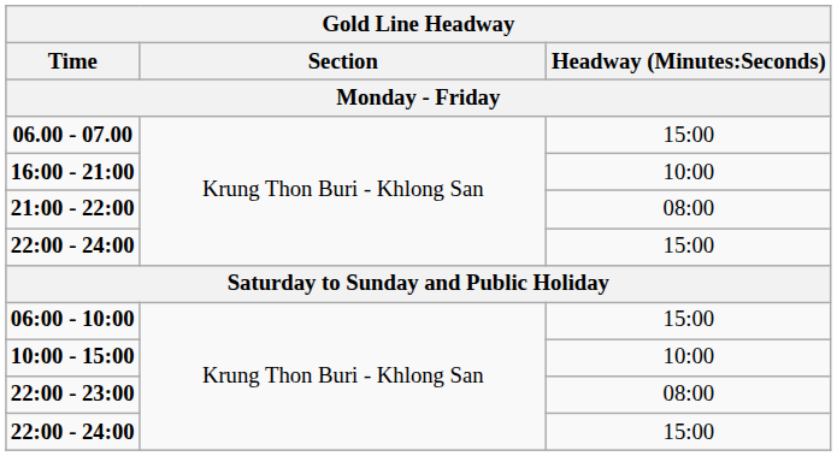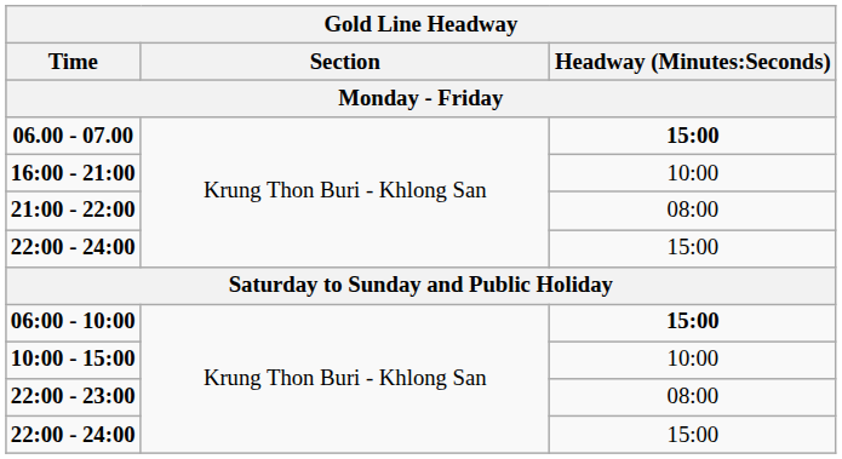 <table class="wikitable" style="margin:auto;font-align:center;text-align:center;font-size:80%;">
 <tr>
 <th colspan="3" align="center" style="background:#">Gold Line Headway</th>
 </tr>
 <tr>
 <th style="background:#">Time</th>
 <th width="225px;" style="background:#">Section</th>
 <th style="background:#">Headway (Minutes:Seconds)</th>
 </tr>
 <tr>
 <th colspan="3">Monday - Friday</th>
 </tr>
 <tr>
 <td><strong>06.00 - 07.00</strong></td>
 <td rowspan="4"> Krung Thon Buri -  Khlong San</td>
-<td>15:00</td>
+<td><strong>15:00</strong></td>
 </tr>
 <tr>
 <td><strong>16:00 - 21:00</strong></td>
 <td>10:00</td>
 </tr>
 <tr>
 <td><strong>21:00 - 22:00</strong></td>
 <td>08:00</td>
 </tr>
 <tr>
 <td><strong>22:00 - 24:00</strong></td>
 <td>15:00</td>
 </tr>
 <tr>
 <th colspan="3">Saturday to Sunday and Public Holiday</th>
 </tr>
 <tr>
 <td><strong>06:00 - 10:00</strong></td>
 <td rowspan="4"> Krung Thon Buri -  Khlong San</td>
-<td>15:00</td>
+<td><strong>15:00</strong></td>
 </tr>
 <tr>
 <td><strong>10:00 - 15:00</strong></td>
 <td>10:00</td>
 </tr>
 <tr>
 <td><strong>22:00 - 23:00</strong></td>
 <td>08:00</td>
 </tr>
 <tr>
 <td><strong>22:00 - 24:00</strong></td>
 <td>15:00</td>
 </tr>
 </table>
